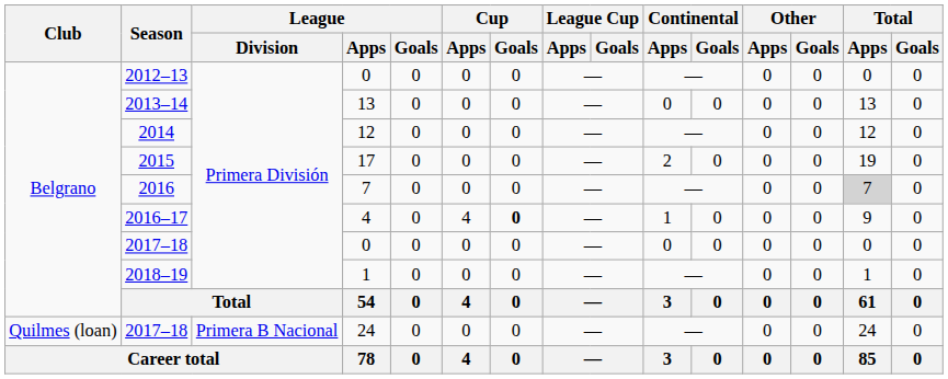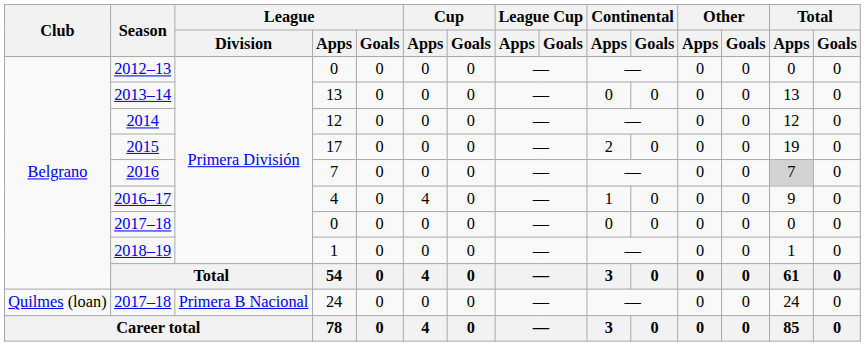 <table class="wikitable" style="text-align:center">
 <tr>
 <th rowspan="2">Club</th>
 <th rowspan="2">Season</th>
 <th colspan="3">League</th>
 <th colspan="2">Cup</th>
 <th colspan="2">League Cup</th>
 <th colspan="2">Continental</th>
 <th colspan="2">Other</th>
 <th colspan="2">Total</th>
 </tr>
 <tr>
 <th>Division</th>
 <th>Apps</th>
 <th>Goals</th>
 <th>Apps</th>
 <th>Goals</th>
 <th>Apps</th>
 <th>Goals</th>
 <th>Apps</th>
 <th>Goals</th>
 <th>Apps</th>
 <th>Goals</th>
 <th>Apps</th>
 <th>Goals</th>
 </tr>
 <tr>
 <td rowspan="9"><a href='#'>Belgrano</a></td>
 <td><a href='#'>2012–13</a></td>
 <td rowspan="8"><a href='#'>Primera División</a></td>
 <td>0</td>
 <td>0</td>
 <td>0</td>
 <td>0</td>
 <td colspan="2">—</td>
 <td colspan="2">—</td>
 <td>0</td>
 <td>0</td>
 <td>0</td>
 <td>0</td>
 </tr>
 <tr>
 <td><a href='#'>2013–14</a></td>
 <td>13</td>
 <td>0</td>
 <td>0</td>
 <td>0</td>
 <td colspan="2">—</td>
 <td>0</td>
 <td>0</td>
 <td>0</td>
 <td>0</td>
 <td>13</td>
 <td>0</td>
 </tr>
 <tr>
 <td><a href='#'>2014</a></td>
 <td>12</td>
 <td>0</td>
 <td>0</td>
 <td>0</td>
 <td colspan="2">—</td>
 <td colspan="2">—</td>
 <td>0</td>
 <td>0</td>
 <td>12</td>
 <td>0</td>
 </tr>
 <tr>
 <td><a href='#'>2015</a></td>
 <td>17</td>
 <td>0</td>
 <td>0</td>
 <td>0</td>
 <td colspan="2">—</td>
 <td>2</td>
 <td>0</td>
 <td>0</td>
 <td>0</td>
 <td>19</td>
 <td>0</td>
 </tr>
 <tr>
 <td><a href='#'>2016</a></td>
 <td>7</td>
 <td>0</td>
 <td>0</td>
 <td>0</td>
 <td colspan="2">—</td>
 <td colspan="2">—</td>
 <td>0</td>
 <td>0</td>
 <td style="background: lightgrey;">7</td>
 <td>0</td>
 </tr>
 <tr>
 <td><a href='#'>2016–17</a></td>
 <td>4</td>
 <td>0</td>
 <td>4</td>
-<td><strong>0</strong></td>
+<td>0</td>
 <td colspan="2">—</td>
 <td>1</td>
 <td>0</td>
 <td>0</td>
 <td>0</td>
 <td>9</td>
 <td>0</td>
 </tr>
 <tr>
 <td><a href='#'>2017–18</a></td>
 <td>0</td>
 <td>0</td>
 <td>0</td>
 <td>0</td>
 <td colspan="2">—</td>
 <td>0</td>
 <td>0</td>
 <td>0</td>
 <td>0</td>
 <td>0</td>
 <td>0</td>
 </tr>
 <tr>
 <td><a href='#'>2018–19</a></td>
 <td>1</td>
 <td>0</td>
 <td>0</td>
 <td>0</td>
 <td colspan="2">—</td>
 <td colspan="2">—</td>
 <td>0</td>
 <td>0</td>
 <td>1</td>
 <td>0</td>
 </tr>
 <tr>
 <th colspan="2">Total</th>
 <th>54</th>
 <th>0</th>
 <th>4</th>
 <th>0</th>
 <th colspan="2">—</th>
 <th>3</th>
 <th>0</th>
 <th>0</th>
 <th>0</th>
 <th>61</th>
 <th>0</th>
 </tr>
 <tr>
 <td rowspan="1"><a href='#'>Quilmes</a> (loan)</td>
 <td><a href='#'>2017–18</a></td>
 <td rowspan="1"><a href='#'>Primera B Nacional</a></td>
 <td>24</td>
 <td>0</td>
 <td>0</td>
 <td>0</td>
 <td colspan="2">—</td>
 <td colspan="2">—</td>
 <td>0</td>
 <td>0</td>
 <td>24</td>
 <td>0</td>
 </tr>
 <tr>
 <th colspan="3">Career total</th>
 <th>78</th>
 <th>0</th>
 <th>4</th>
 <th>0</th>
 <th colspan="2">—</th>
 <th>3</th>
 <th>0</th>
 <th>0</th>
 <th>0</th>
 <th>85</th>
 <th>0</th>
 </tr>
 </table>
